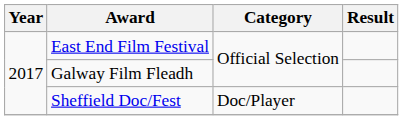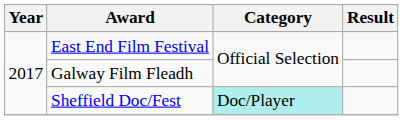 <table class="wikitable sortable">
 <tr>
 <th>Year</th>
 <th>Award</th>
 <th>Category</th>
 <th>Result</th>
 </tr>
 <tr>
 <td rowspan="3">2017</td>
 <td><a href='#'>East End Film Festival</a></td>
 <td rowspan="2">Official Selection</td>
 <td></td>
 </tr>
 <tr>
 <td>Galway Film Fleadh</td>
 <td></td>
 </tr>
 <tr>
 <td><a href='#'>Sheffield Doc/Fest</a></td>
-<td>Doc/Player</td>
+<td style="background: paleturquoise;">Doc/Player</td>
 <td></td>
 </tr>
 <tr>
 </tr>
 </table>
